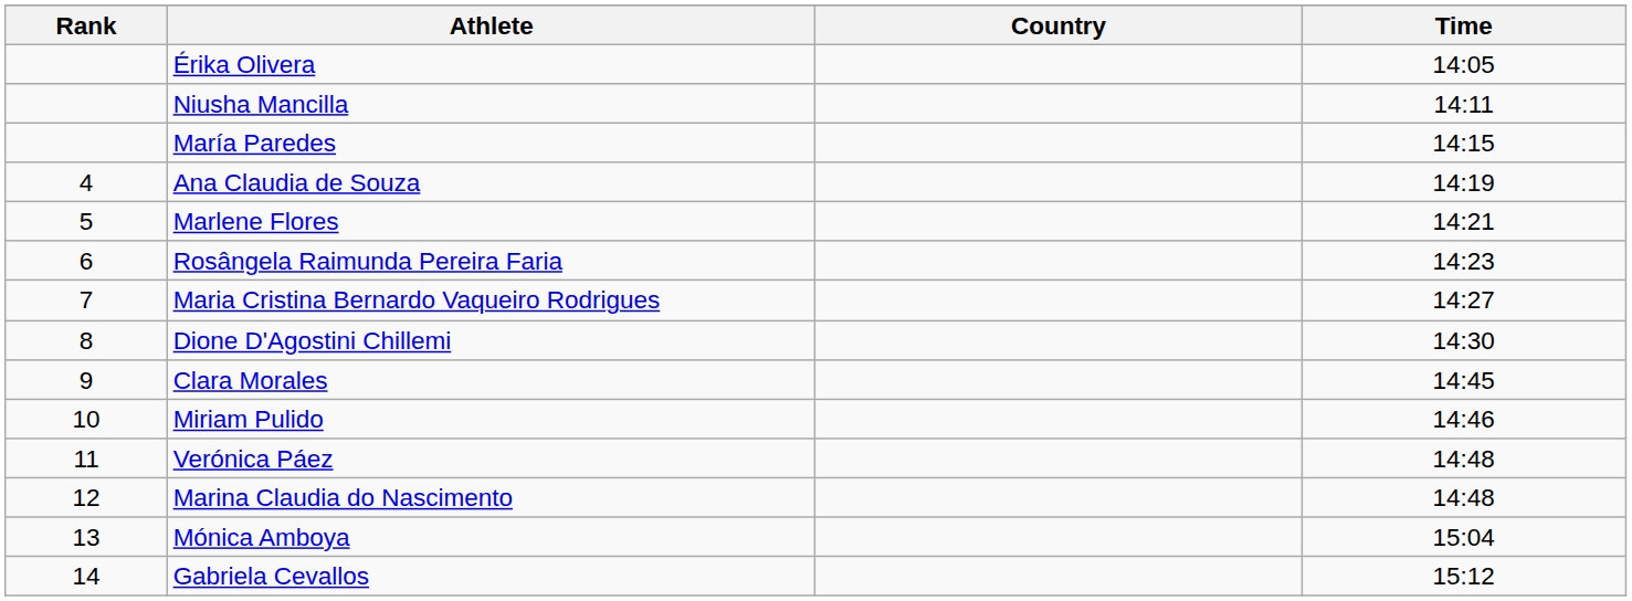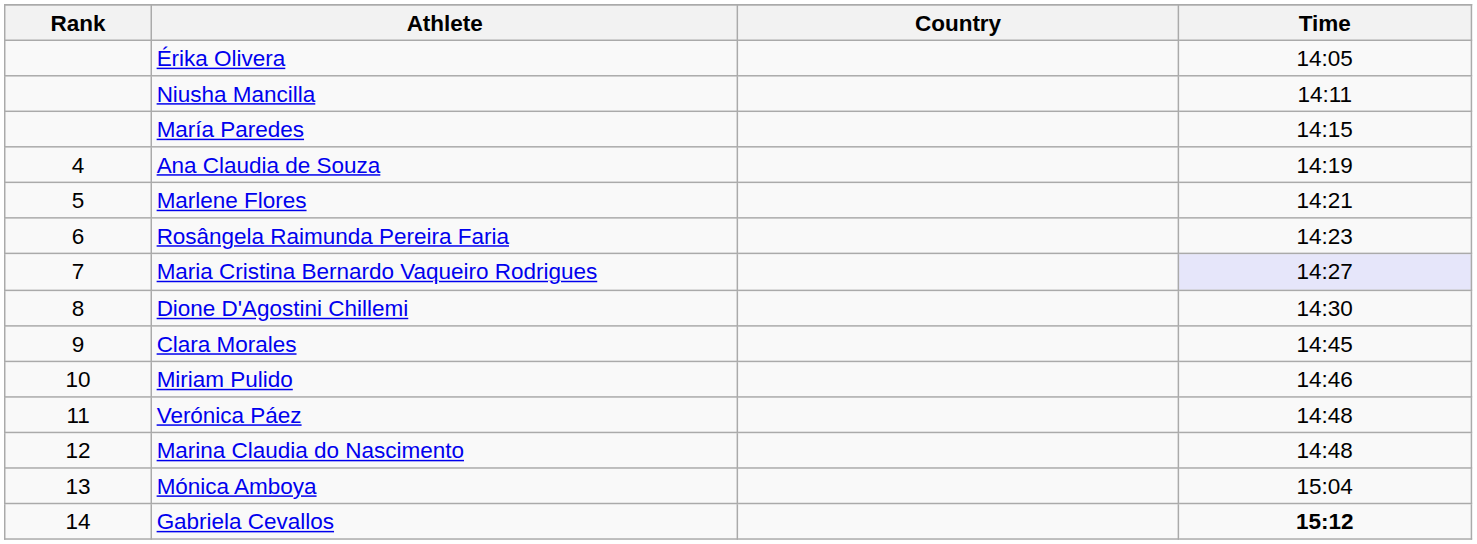 <table class="wikitable sortable" style=" text-align:center; font-size:95%;" width="50%">
 <tr>
 </tr>
 <tr>
 <th width=5%>Rank</th>
 <th width=20%>Athlete</th>
 <th width=15%>Country</th>
 <th width=10%>Time</th>
 </tr>
 <tr>
 <td align=center></td>
 <td align=left><a href='#'>Érika Olivera</a></td>
 <td align=left></td>
 <td>14:05</td>
 </tr>
 <tr>
 <td align=center></td>
 <td align=left><a href='#'>Niusha Mancilla</a></td>
 <td align=left></td>
 <td>14:11</td>
 </tr>
 <tr>
 <td align=center></td>
 <td align=left><a href='#'>María Paredes</a></td>
 <td align=left></td>
 <td>14:15</td>
 </tr>
 <tr>
 <td align=center>4</td>
 <td align=left><a href='#'>Ana Claudia de Souza</a></td>
 <td align=left></td>
 <td>14:19</td>
 </tr>
 <tr>
 <td align=center>5</td>
 <td align=left><a href='#'>Marlene Flores</a></td>
 <td align=left></td>
 <td>14:21</td>
 </tr>
 <tr>
 <td align=center>6</td>
 <td align=left><a href='#'>Rosângela Raimunda Pereira Faria</a></td>
 <td align=left></td>
 <td>14:23</td>
 </tr>
 <tr>
 <td align=center>7</td>
 <td align=left><a href='#'>Maria Cristina Bernardo Vaqueiro Rodrigues</a></td>
 <td align=left></td>
-<td>14:27</td>
+<td style="background: lavender;">14:27</td>
 </tr>
 <tr>
 <td align=center>8</td>
 <td align=left><a href='#'>Dione D'Agostini Chillemi</a></td>
 <td align=left></td>
 <td>14:30</td>
 </tr>
 <tr>
 <td align=center>9</td>
 <td align=left><a href='#'>Clara Morales</a></td>
 <td align=left></td>
 <td>14:45</td>
 </tr>
 <tr>
 <td align=center>10</td>
 <td align=left><a href='#'>Miriam Pulido</a></td>
 <td align=left></td>
 <td>14:46</td>
 </tr>
 <tr>
 <td align=center>11</td>
 <td align=left><a href='#'>Verónica Páez</a></td>
 <td align=left></td>
 <td>14:48</td>
 </tr>
 <tr>
 <td align=center>12</td>
 <td align=left><a href='#'>Marina Claudia do Nascimento</a></td>
 <td align=left></td>
 <td>14:48</td>
 </tr>
 <tr>
 <td align=center>13</td>
 <td align=left><a href='#'>Mónica Amboya</a></td>
 <td align=left></td>
 <td>15:04</td>
 </tr>
 <tr>
 <td align=center>14</td>
 <td align=left><a href='#'>Gabriela Cevallos</a></td>
 <td align=left></td>
-<td>15:12</td>
+<td><strong>15:12</strong></td>
 </tr>
 </table>
